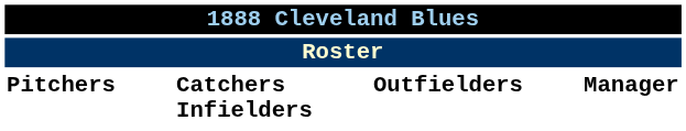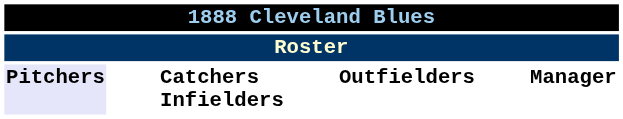 <table class="toccolours" style="font-size: 95%;">
 <tr>
 <th colspan="10" style="background-color: black; color: #9ECEEE; text-align: center;">1888 Cleveland Blues</th>
 </tr>
 <tr>
 <td colspan="10" style="background-color: #003366; color: #FFFDD0; text-align: center;"><strong>Roster</strong></td>
 </tr>
 <tr>
-<td valign="top"><strong>Pitchers</strong><br>        </td>
+<td valign="top" style="background: lavender;"><strong>Pitchers</strong><br>        </td>
 <td width="25px"></td>
 <td valign="top"><strong>Catchers</strong><br>   <strong>Infielders</strong>      </td>
 <td width="25px"></td>
 <td valign="top"><strong>Outfielders</strong><br>    </td>
 <td width="25px"></td>
 <td valign="top"><strong>Manager</strong><br> </td>
 </tr>
 </table>
